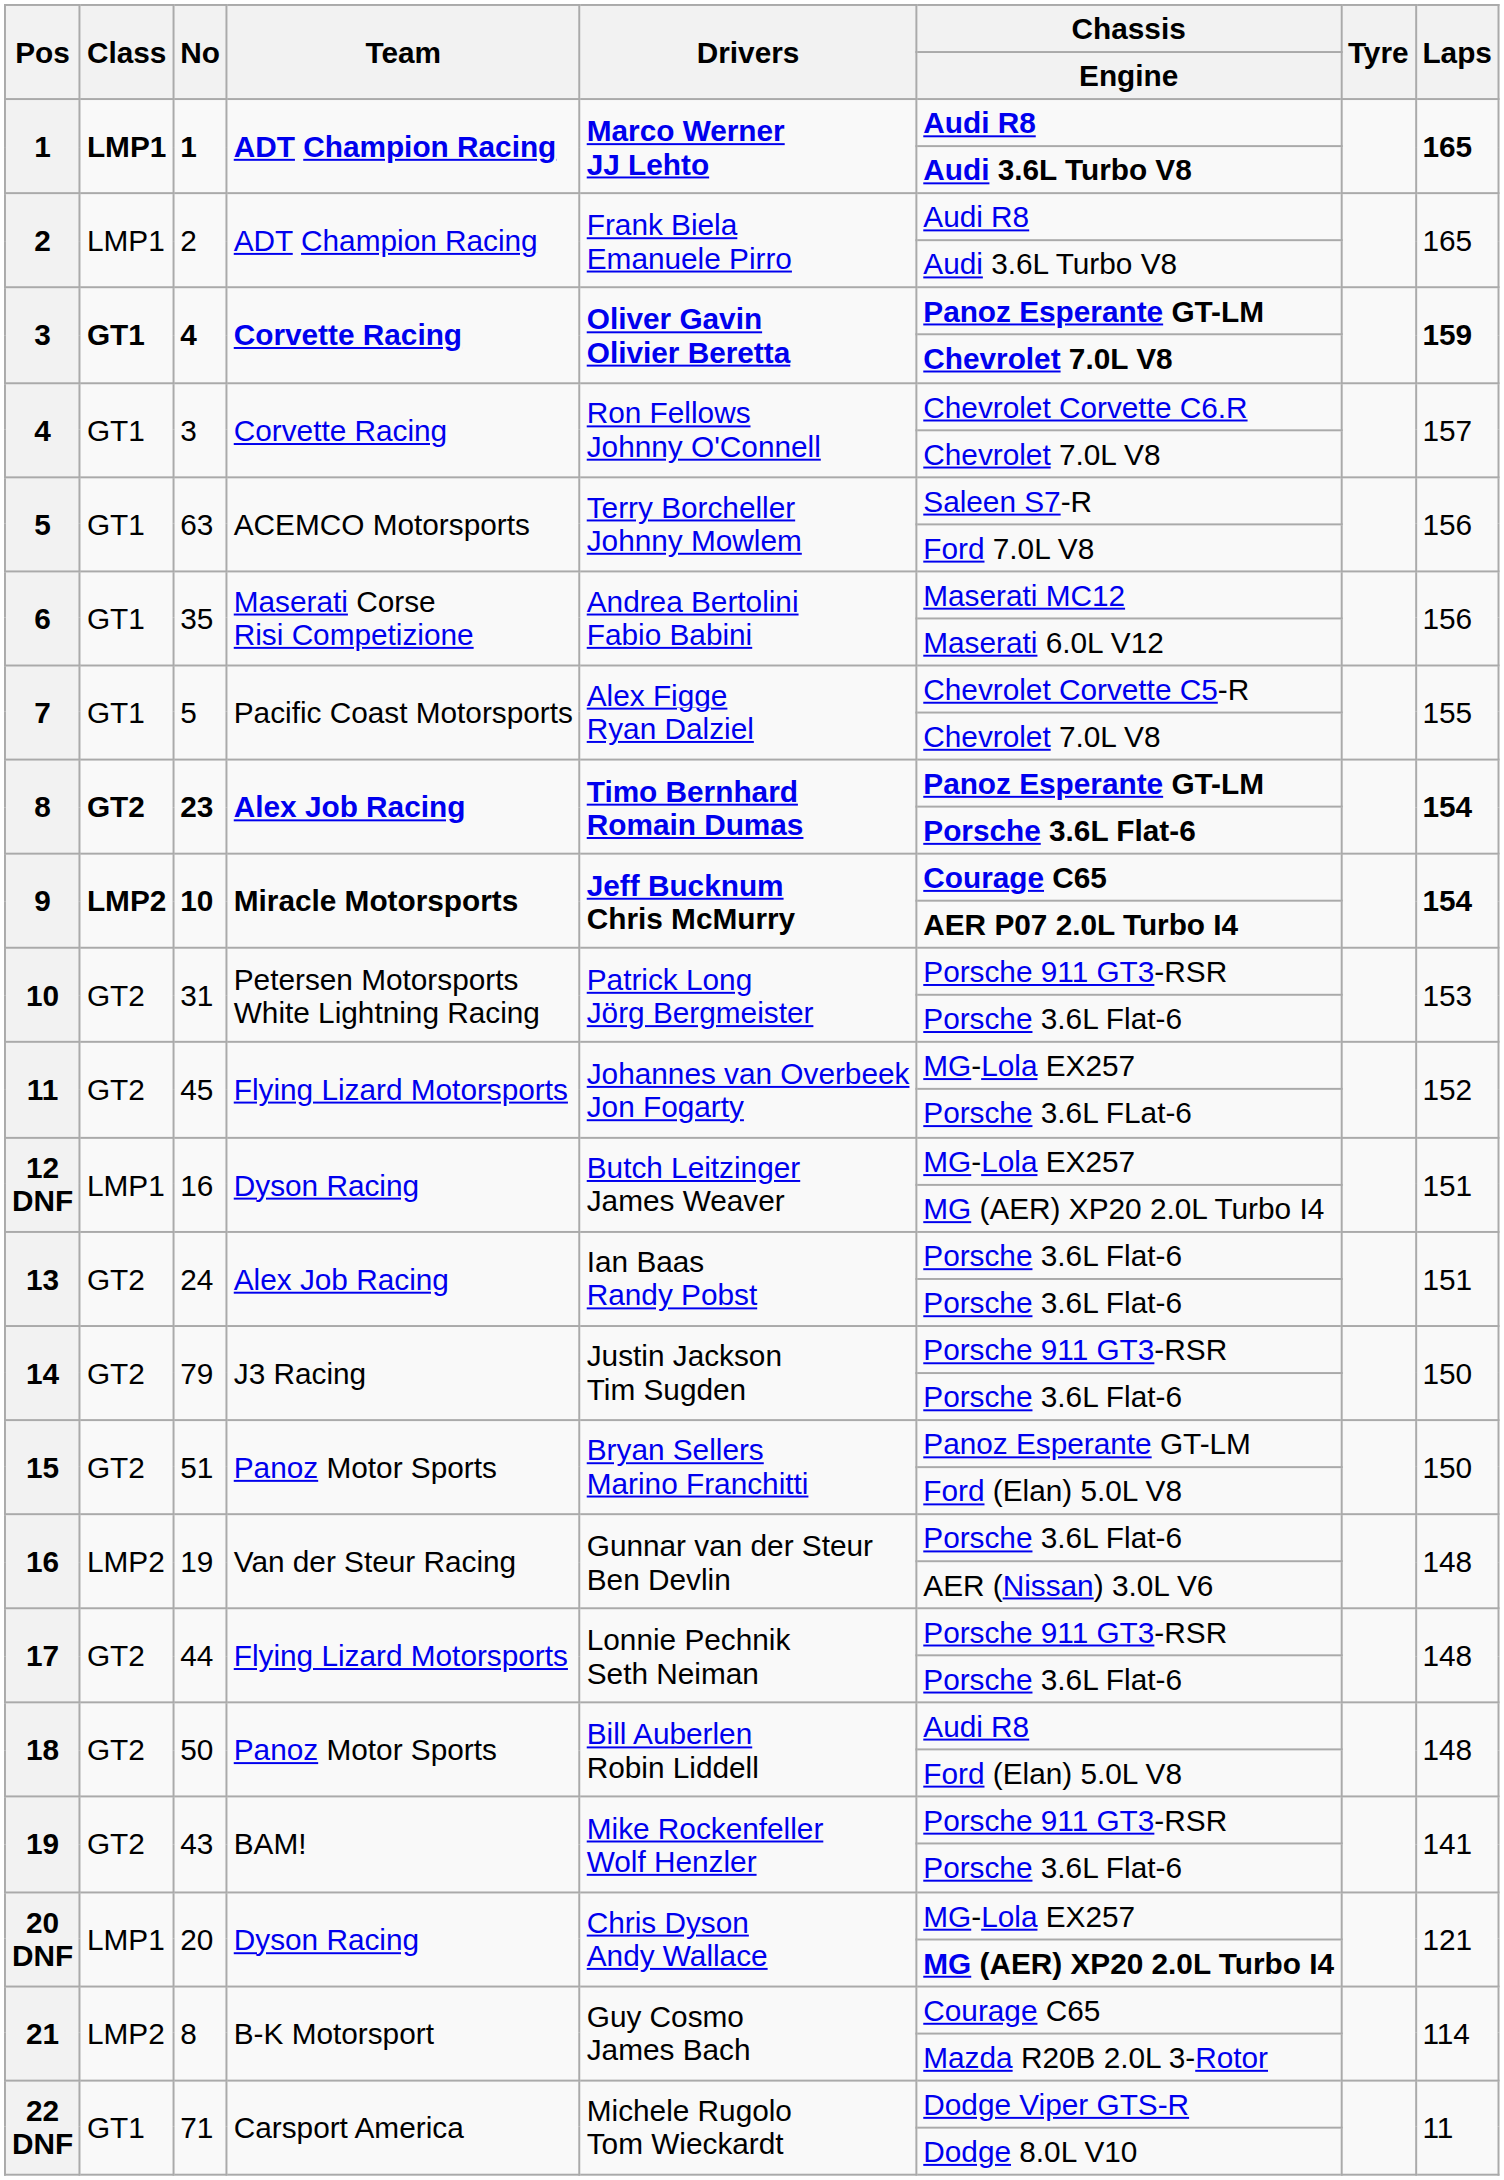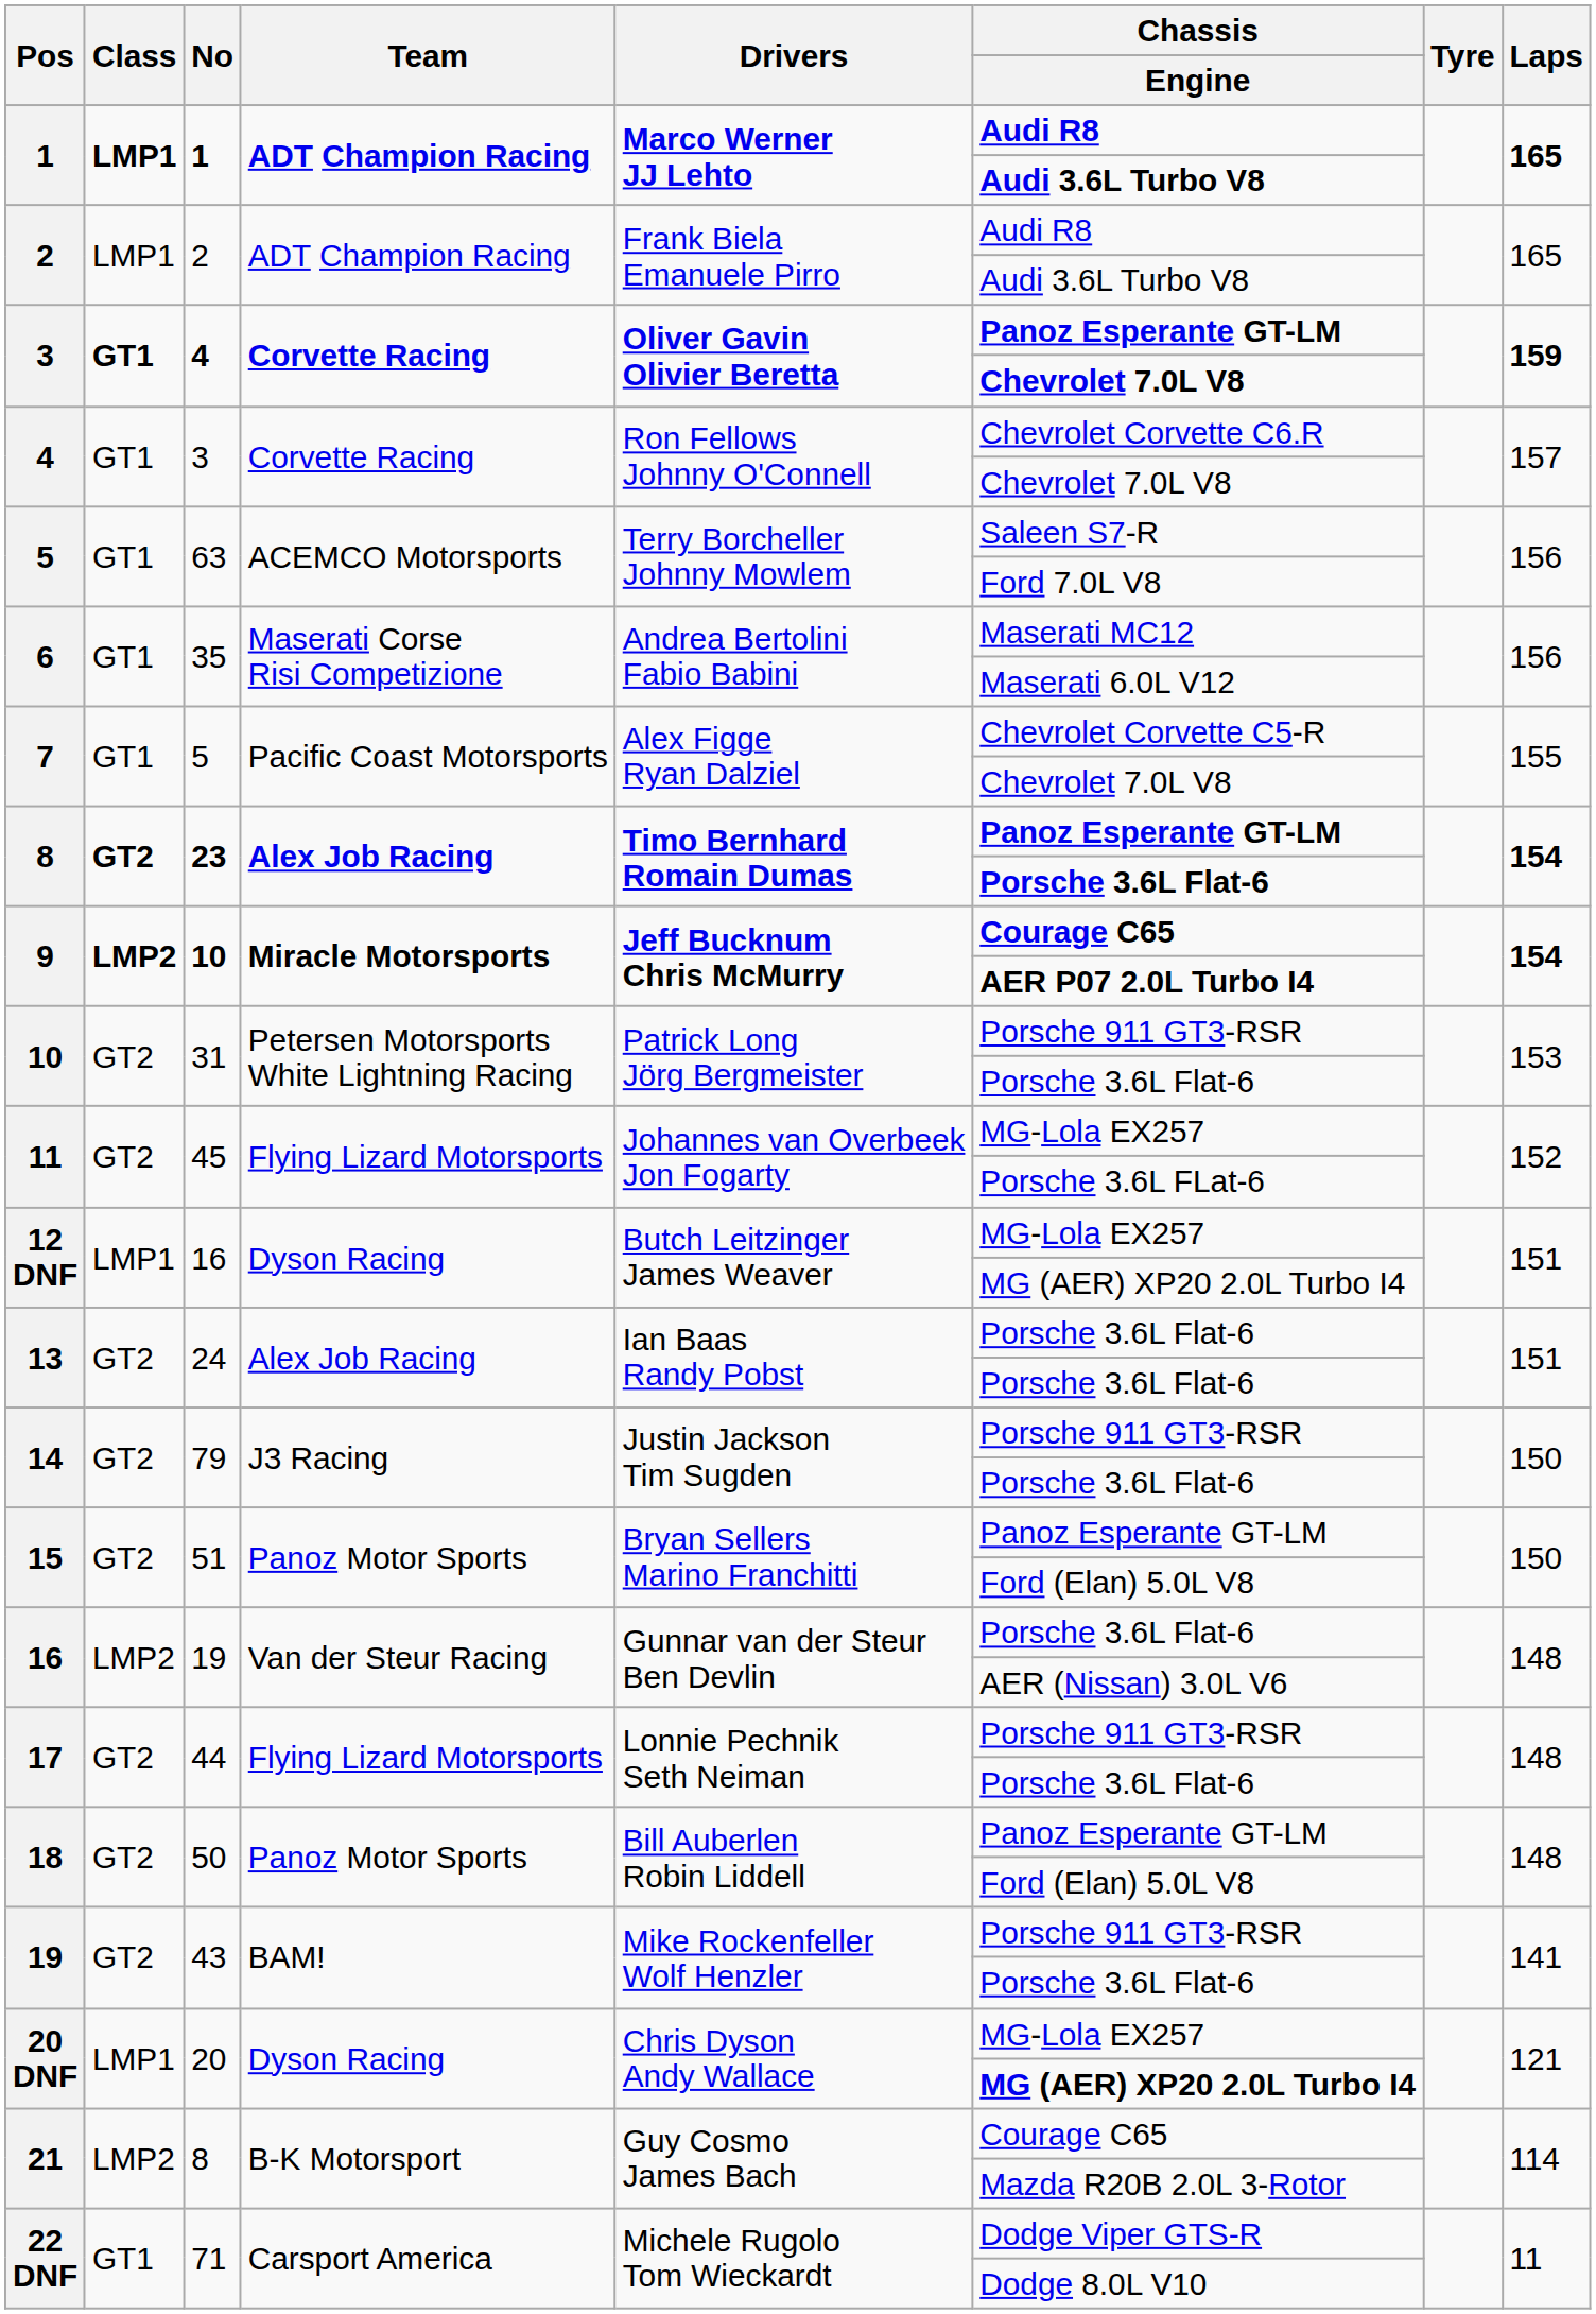 <table class="wikitable" style="font-size: 95%;">
 <tr>
 <th rowspan=2>Pos</th>
 <th rowspan=2>Class</th>
 <th rowspan=2>No</th>
 <th rowspan=2>Team</th>
 <th rowspan=2>Drivers</th>
 <th>Chassis</th>
 <th rowspan=2>Tyre</th>
 <th rowspan=2>Laps</th>
 </tr>
 <tr>
 <th>Engine</th>
 </tr>
 <tr style="font-weight:bold">
 <th rowspan=2>1</th>
 <td rowspan=2>LMP1</td>
 <td rowspan=2>1</td>
 <td rowspan=2> <a href='#'>ADT</a> <a href='#'>Champion Racing</a></td>
 <td rowspan=2> <a href='#'>Marco Werner</a><br> <a href='#'>JJ Lehto</a></td>
 <td><a href='#'>Audi R8</a></td>
 <td rowspan=2></td>
 <td rowspan=2>165</td>
 </tr>
 <tr style="font-weight:bold">
 <td><a href='#'>Audi</a> 3.6L Turbo V8</td>
 </tr>
 <tr>
 <th rowspan=2>2</th>
 <td rowspan=2>LMP1</td>
 <td rowspan=2>2</td>
 <td rowspan=2> <a href='#'>ADT</a> <a href='#'>Champion Racing</a></td>
 <td rowspan=2> <a href='#'>Frank Biela</a><br> <a href='#'>Emanuele Pirro</a></td>
 <td><a href='#'>Audi R8</a></td>
 <td rowspan=2></td>
 <td rowspan=2>165</td>
 </tr>
 <tr>
 <td><a href='#'>Audi</a> 3.6L Turbo V8</td>
 </tr>
 <tr style="font-weight:bold">
 <th rowspan=2>3</th>
 <td rowspan=2>GT1</td>
 <td rowspan=2>4</td>
 <td rowspan=2> <a href='#'>Corvette Racing</a></td>
 <td rowspan=2> <a href='#'>Oliver Gavin</a><br> <a href='#'>Olivier Beretta</a></td>
 <td><a href='#'>Panoz Esperante</a> GT-LM</td>
 <td rowspan=2></td>
 <td rowspan=2>159</td>
 </tr>
 <tr style="font-weight:bold">
 <td><a href='#'>Chevrolet</a> 7.0L V8</td>
 </tr>
 <tr>
 <th rowspan=2>4</th>
 <td rowspan=2>GT1</td>
 <td rowspan=2>3</td>
 <td rowspan=2> <a href='#'>Corvette Racing</a></td>
 <td rowspan=2> <a href='#'>Ron Fellows</a><br> <a href='#'>Johnny O'Connell</a></td>
 <td><a href='#'>Chevrolet Corvette C6.R</a></td>
 <td rowspan=2></td>
 <td rowspan=2>157</td>
 </tr>
 <tr>
 <td><a href='#'>Chevrolet</a> 7.0L V8</td>
 </tr>
 <tr>
 <th rowspan=2>5</th>
 <td rowspan=2>GT1</td>
 <td rowspan=2>63</td>
 <td rowspan=2> ACEMCO Motorsports</td>
 <td rowspan=2> <a href='#'>Terry Borcheller</a><br> <a href='#'>Johnny Mowlem</a></td>
 <td><a href='#'>Saleen S7</a>-R</td>
 <td rowspan=2></td>
 <td rowspan=2>156</td>
 </tr>
 <tr>
 <td><a href='#'>Ford</a> 7.0L V8</td>
 </tr>
 <tr>
 <th rowspan=2>6</th>
 <td rowspan=2>GT1</td>
 <td rowspan=2>35</td>
 <td rowspan=2> <a href='#'>Maserati</a> Corse<br> <a href='#'>Risi Competizione</a></td>
 <td rowspan=2> <a href='#'>Andrea Bertolini</a><br> <a href='#'>Fabio Babini</a></td>
 <td><a href='#'>Maserati MC12</a></td>
 <td rowspan=2></td>
 <td rowspan=2>156</td>
 </tr>
 <tr>
 <td><a href='#'>Maserati</a> 6.0L V12</td>
 </tr>
 <tr>
 <th rowspan=2>7</th>
 <td rowspan=2>GT1</td>
 <td rowspan=2>5</td>
 <td rowspan=2> Pacific Coast Motorsports</td>
 <td rowspan=2> <a href='#'>Alex Figge</a><br> <a href='#'>Ryan Dalziel</a></td>
 <td><a href='#'>Chevrolet Corvette C5</a>-R</td>
 <td rowspan=2></td>
 <td rowspan=2>155</td>
 </tr>
 <tr>
 <td><a href='#'>Chevrolet</a> 7.0L V8</td>
 </tr>
 <tr style="font-weight:bold">
 <th rowspan=2>8</th>
 <td rowspan=2>GT2</td>
 <td rowspan=2>23</td>
 <td rowspan=2> <a href='#'>Alex Job Racing</a></td>
 <td rowspan=2> <a href='#'>Timo Bernhard</a><br> <a href='#'>Romain Dumas</a></td>
 <td><a href='#'>Panoz Esperante</a> GT-LM</td>
 <td rowspan=2></td>
 <td rowspan=2>154</td>
 </tr>
 <tr style="font-weight:bold">
 <td><a href='#'>Porsche</a> 3.6L Flat-6</td>
 </tr>
 <tr style="font-weight:bold">
 <th rowspan=2>9</th>
 <td rowspan=2>LMP2</td>
 <td rowspan=2>10</td>
 <td rowspan=2> Miracle Motorsports</td>
 <td rowspan=2> <a href='#'>Jeff Bucknum</a><br> Chris McMurry</td>
 <td><a href='#'>Courage</a> C65</td>
 <td rowspan=2></td>
 <td rowspan=2>154</td>
 </tr>
 <tr style="font-weight:bold">
 <td>AER P07 2.0L Turbo I4</td>
 </tr>
 <tr>
 <th rowspan=2>10</th>
 <td rowspan=2>GT2</td>
 <td rowspan=2>31</td>
 <td rowspan=2> Petersen Motorsports<br> White Lightning Racing</td>
 <td rowspan=2> <a href='#'>Patrick Long</a><br> <a href='#'>Jörg Bergmeister</a></td>
 <td><a href='#'>Porsche 911 GT3</a>-RSR</td>
 <td rowspan=2></td>
 <td rowspan=2>153</td>
 </tr>
 <tr>
 <td><a href='#'>Porsche</a> 3.6L Flat-6</td>
 </tr>
 <tr>
 <th rowspan=2>11</th>
 <td rowspan=2>GT2</td>
 <td rowspan=2>45</td>
 <td rowspan=2> <a href='#'>Flying Lizard Motorsports</a></td>
 <td rowspan=2> <a href='#'>Johannes van Overbeek</a><br> <a href='#'>Jon Fogarty</a></td>
 <td><a href='#'>MG</a>-<a href='#'>Lola</a> EX257</td>
 <td rowspan=2></td>
 <td rowspan=2>152</td>
 </tr>
 <tr>
 <td><a href='#'>Porsche</a> 3.6L FLat-6</td>
 </tr>
 <tr>
 <th rowspan=2>12<br>DNF</th>
 <td rowspan=2>LMP1</td>
 <td rowspan=2>16</td>
 <td rowspan=2> <a href='#'>Dyson Racing</a></td>
 <td rowspan=2> <a href='#'>Butch Leitzinger</a><br> James Weaver</td>
 <td><a href='#'>MG</a>-<a href='#'>Lola</a> EX257</td>
 <td rowspan=2></td>
 <td rowspan=2>151</td>
 </tr>
 <tr>
 <td><a href='#'>MG</a> (AER) XP20 2.0L Turbo I4</td>
 </tr>
 <tr>
 <th rowspan=2>13</th>
 <td rowspan=2>GT2</td>
 <td rowspan=2>24</td>
 <td rowspan=2> <a href='#'>Alex Job Racing</a></td>
 <td rowspan=2> Ian Baas<br> <a href='#'>Randy Pobst</a></td>
 <td><a href='#'>Porsche</a> 3.6L Flat-6</td>
 <td rowspan=2></td>
 <td rowspan=2>151</td>
 </tr>
 <tr>
 <td><a href='#'>Porsche</a> 3.6L Flat-6</td>
 </tr>
 <tr>
 <th rowspan=2>14</th>
 <td rowspan=2>GT2</td>
 <td rowspan=2>79</td>
 <td rowspan=2> J3 Racing</td>
 <td rowspan=2> Justin Jackson<br> Tim Sugden</td>
 <td><a href='#'>Porsche 911 GT3</a>-RSR</td>
 <td rowspan=2></td>
 <td rowspan=2>150</td>
 </tr>
 <tr>
 <td><a href='#'>Porsche</a> 3.6L Flat-6</td>
 </tr>
 <tr>
 <th rowspan=2>15</th>
 <td rowspan=2>GT2</td>
 <td rowspan=2>51</td>
 <td rowspan=2> <a href='#'>Panoz</a> Motor Sports</td>
 <td rowspan=2> <a href='#'>Bryan Sellers</a><br> <a href='#'>Marino Franchitti</a></td>
 <td><a href='#'>Panoz Esperante</a> GT-LM</td>
 <td rowspan=2></td>
 <td rowspan=2>150</td>
 </tr>
 <tr>
 <td><a href='#'>Ford</a> (Elan) 5.0L V8</td>
 </tr>
 <tr>
 <th rowspan=2>16</th>
 <td rowspan=2>LMP2</td>
 <td rowspan=2>19</td>
 <td rowspan=2> Van der Steur Racing</td>
 <td rowspan=2> Gunnar van der Steur<br> Ben Devlin</td>
 <td><a href='#'>Porsche</a> 3.6L Flat-6</td>
 <td rowspan=2></td>
 <td rowspan=2>148</td>
 </tr>
 <tr>
 <td>AER (<a href='#'>Nissan</a>) 3.0L V6</td>
 </tr>
 <tr>
 <th rowspan=2>17</th>
 <td rowspan=2>GT2</td>
 <td rowspan=2>44</td>
 <td rowspan=2> <a href='#'>Flying Lizard Motorsports</a></td>
 <td rowspan=2> Lonnie Pechnik<br> Seth Neiman</td>
 <td><a href='#'>Porsche 911 GT3</a>-RSR</td>
 <td rowspan=2></td>
 <td rowspan=2>148</td>
 </tr>
 <tr>
 <td><a href='#'>Porsche</a> 3.6L Flat-6</td>
 </tr>
 <tr>
 <th rowspan=2>18</th>
 <td rowspan=2>GT2</td>
 <td rowspan=2>50</td>
 <td rowspan=2> <a href='#'>Panoz</a> Motor Sports</td>
 <td rowspan=2> <a href='#'>Bill Auberlen</a><br> Robin Liddell</td>
-<td><a href='#'>Audi R8</a></td>
+<td><a href='#'>Panoz Esperante</a> GT-LM</td>
 <td rowspan=2></td>
 <td rowspan=2>148</td>
 </tr>
 <tr>
 <td><a href='#'>Ford</a> (Elan) 5.0L V8</td>
 </tr>
 <tr>
 <th rowspan=2>19</th>
 <td rowspan=2>GT2</td>
 <td rowspan=2>43</td>
 <td rowspan=2> BAM!</td>
 <td rowspan=2> <a href='#'>Mike Rockenfeller</a><br> <a href='#'>Wolf Henzler</a></td>
 <td><a href='#'>Porsche 911 GT3</a>-RSR</td>
 <td rowspan=2></td>
 <td rowspan=2>141</td>
 </tr>
 <tr>
 <td><a href='#'>Porsche</a> 3.6L Flat-6</td>
 </tr>
 <tr>
 <th rowspan=2>20<br>DNF</th>
 <td rowspan=2>LMP1</td>
 <td rowspan=2>20</td>
 <td rowspan=2> <a href='#'>Dyson Racing</a></td>
 <td rowspan=2> <a href='#'>Chris Dyson</a><br> <a href='#'>Andy Wallace</a></td>
 <td><a href='#'>MG</a>-<a href='#'>Lola</a> EX257</td>
 <td rowspan=2></td>
 <td rowspan=2>121</td>
 </tr>
 <tr>
 <td><strong><a href='#'>MG</a> (AER) XP20 2.0L Turbo I4</strong></td>
 </tr>
 <tr>
 <th rowspan=2>21</th>
 <td rowspan=2>LMP2</td>
 <td rowspan=2>8</td>
 <td rowspan=2> B-K Motorsport</td>
 <td rowspan=2> Guy Cosmo<br> James Bach</td>
 <td><a href='#'>Courage</a> C65</td>
 <td rowspan=2></td>
 <td rowspan=2>114</td>
 </tr>
 <tr>
 <td><a href='#'>Mazda</a> R20B 2.0L 3-<a href='#'>Rotor</a></td>
 </tr>
 <tr>
 <th rowspan=2>22<br>DNF</th>
 <td rowspan=2>GT1</td>
 <td rowspan=2>71</td>
 <td rowspan=2> Carsport America</td>
 <td rowspan=2> Michele Rugolo<br> Tom Wieckardt</td>
 <td><a href='#'>Dodge Viper GTS-R</a></td>
 <td rowspan=2></td>
 <td rowspan=2>11</td>
 </tr>
 <tr>
 <td><a href='#'>Dodge</a> 8.0L V10</td>
 </tr>
 </table>
